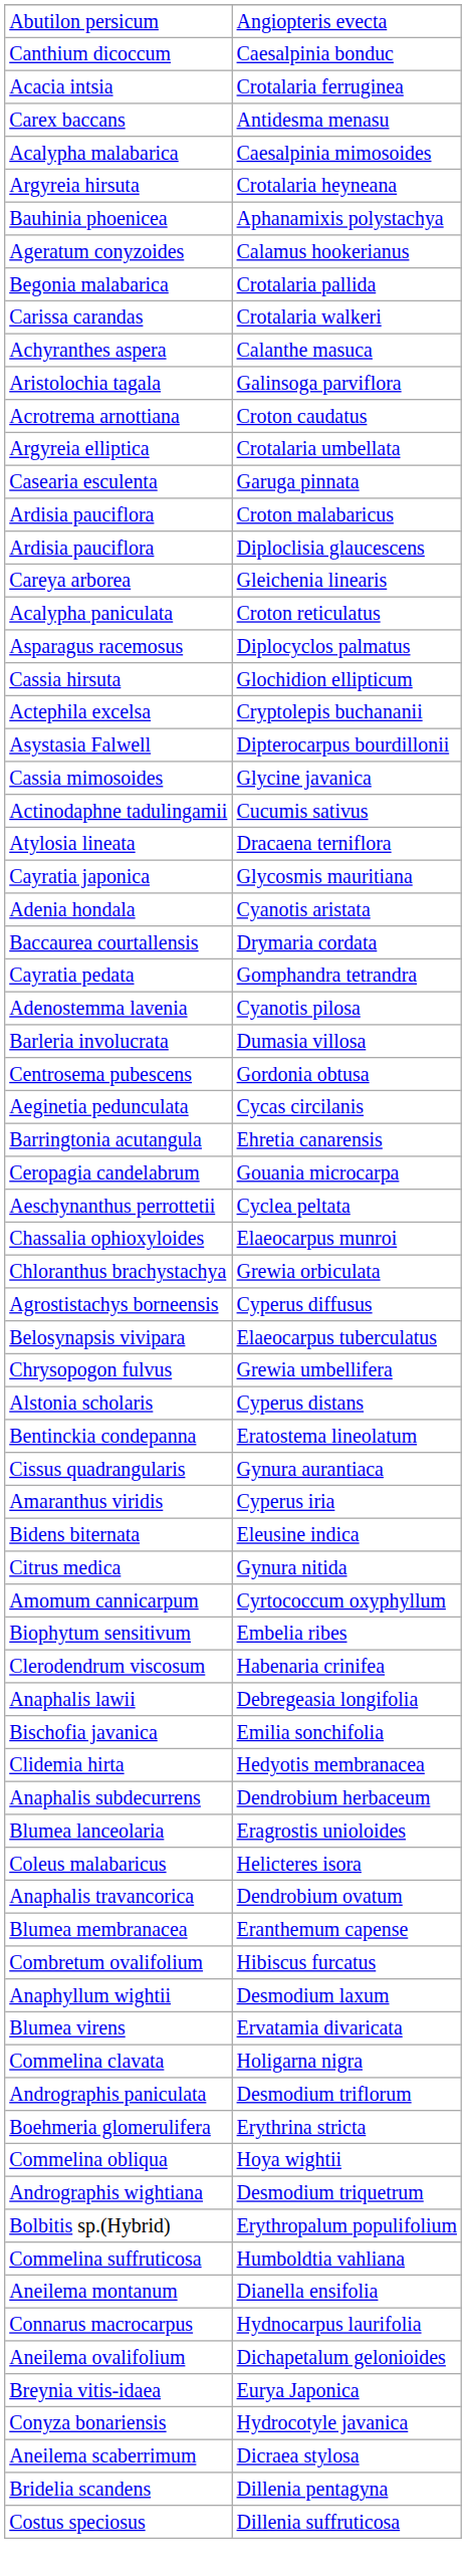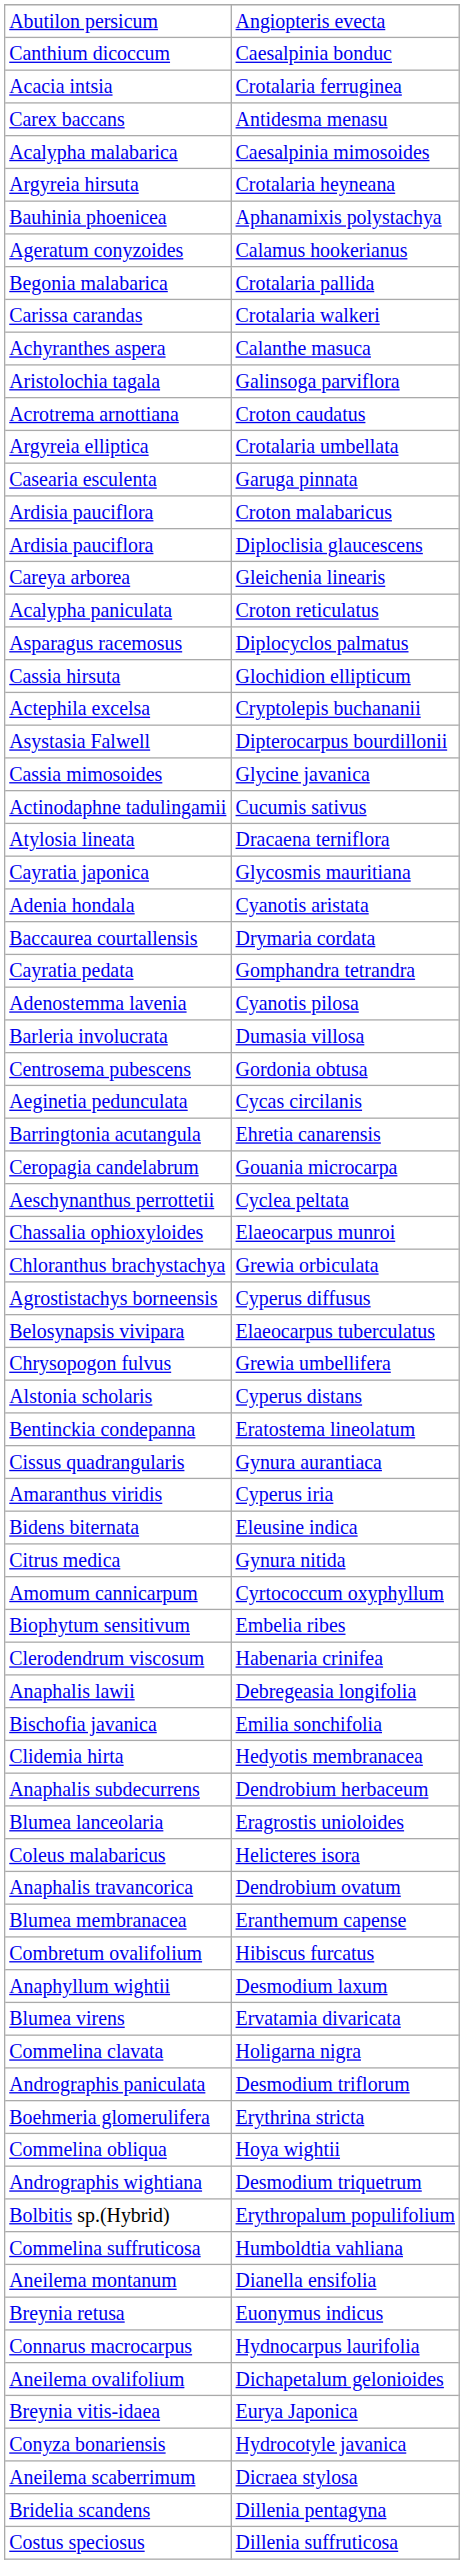 <table class="sortable" border="1" cellpadding="3" cellspacing="0" style="margin: 1em 1em 1em 0; background: #ffffff; border: 1px #aaa solid; border-collapse: collapse; font-size: 95%;">
 <tr bgcolor="#cdf2e0" style="colour:#f4fff9" align="centre">
 </tr>
 <tr>
 <td><a href='#'>Abutilon persicum</a></td>
 <td><a href='#'>Angiopteris evecta</a></td>
 </tr>
 <tr>
 <td><a href='#'>Canthium dicoccum</a></td>
 <td><a href='#'>Caesalpinia bonduc</a></td>
 </tr>
 <tr>
 <td><a href='#'>Acacia intsia</a></td>
 <td><a href='#'>Crotalaria ferruginea</a></td>
 </tr>
 <tr>
 <td><a href='#'>Carex baccans</a></td>
 <td><a href='#'>Antidesma menasu</a></td>
 </tr>
 <tr>
 <td><a href='#'>Acalypha malabarica</a></td>
 <td><a href='#'>Caesalpinia mimosoides</a></td>
 </tr>
 <tr>
 <td><a href='#'>Argyreia hirsuta</a></td>
 <td><a href='#'>Crotalaria heyneana</a></td>
 </tr>
 <tr>
 <td><a href='#'>Bauhinia phoenicea</a></td>
 <td><a href='#'>Aphanamixis polystachya</a></td>
 </tr>
 <tr>
 <td><a href='#'>Ageratum conyzoides</a></td>
 <td><a href='#'>Calamus hookerianus</a></td>
 </tr>
 <tr>
 <td><a href='#'>Begonia malabarica</a></td>
 <td><a href='#'>Crotalaria pallida</a></td>
 </tr>
 <tr>
 <td><a href='#'>Carissa carandas</a></td>
 <td><a href='#'>Crotalaria walkeri</a></td>
 </tr>
 <tr>
 <td><a href='#'>Achyranthes aspera</a></td>
 <td><a href='#'>Calanthe masuca</a></td>
 </tr>
 <tr>
 <td><a href='#'>Aristolochia tagala</a></td>
 <td><a href='#'>Galinsoga parviflora</a></td>
 </tr>
 <tr>
 <td><a href='#'>Acrotrema arnottiana</a></td>
 <td><a href='#'>Croton caudatus</a></td>
 </tr>
 <tr>
 <td><a href='#'>Argyreia elliptica</a></td>
 <td><a href='#'>Crotalaria umbellata</a></td>
 </tr>
 <tr>
 <td><a href='#'>Casearia esculenta</a></td>
 <td><a href='#'>Garuga pinnata</a></td>
 </tr>
 <tr>
 <td><a href='#'>Ardisia pauciflora</a></td>
 <td><a href='#'>Croton malabaricus</a></td>
 </tr>
 <tr>
 <td><a href='#'>Ardisia pauciflora</a></td>
 <td><a href='#'>Diploclisia glaucescens</a></td>
 </tr>
 <tr>
 <td><a href='#'>Careya arborea</a></td>
 <td><a href='#'>Gleichenia linearis</a></td>
 </tr>
 <tr>
 <td><a href='#'>Acalypha paniculata</a></td>
 <td><a href='#'>Croton reticulatus</a></td>
 </tr>
 <tr>
 <td><a href='#'>Asparagus racemosus</a></td>
 <td><a href='#'>Diplocyclos palmatus</a></td>
 </tr>
 <tr>
 <td><a href='#'>Cassia hirsuta</a></td>
 <td><a href='#'>Glochidion ellipticum</a></td>
 </tr>
 <tr>
 <td><a href='#'>Actephila excelsa</a></td>
 <td><a href='#'>Cryptolepis buchananii</a></td>
 </tr>
 <tr>
 <td><a href='#'>Asystasia Falwell</a></td>
 <td><a href='#'>Dipterocarpus bourdillonii</a></td>
 </tr>
 <tr>
 <td><a href='#'>Cassia mimosoides</a></td>
 <td><a href='#'>Glycine javanica</a></td>
 </tr>
 <tr>
 <td><a href='#'>Actinodaphne tadulingamii</a></td>
 <td><a href='#'>Cucumis sativus</a></td>
 </tr>
 <tr>
 <td><a href='#'>Atylosia lineata</a></td>
 <td><a href='#'>Dracaena terniflora</a></td>
 </tr>
 <tr>
 <td><a href='#'>Cayratia japonica</a></td>
 <td><a href='#'>Glycosmis mauritiana</a></td>
 </tr>
 <tr>
 <td><a href='#'>Adenia hondala</a></td>
 <td><a href='#'>Cyanotis aristata</a></td>
 </tr>
 <tr>
 <td><a href='#'>Baccaurea courtallensis</a></td>
 <td><a href='#'>Drymaria cordata</a></td>
 </tr>
 <tr>
 <td><a href='#'>Cayratia pedata</a></td>
 <td><a href='#'>Gomphandra tetrandra</a></td>
 </tr>
 <tr>
 <td><a href='#'>Adenostemma lavenia</a></td>
 <td><a href='#'>Cyanotis pilosa</a></td>
 </tr>
 <tr>
 <td><a href='#'>Barleria involucrata</a></td>
 <td><a href='#'>Dumasia villosa</a></td>
 </tr>
 <tr>
 <td><a href='#'>Centrosema pubescens</a></td>
 <td><a href='#'>Gordonia obtusa</a></td>
 </tr>
 <tr>
 <td><a href='#'>Aeginetia pedunculata</a></td>
 <td><a href='#'>Cycas circilanis</a></td>
 </tr>
 <tr>
 <td><a href='#'>Barringtonia acutangula</a></td>
 <td><a href='#'>Ehretia canarensis</a></td>
 </tr>
 <tr>
 <td><a href='#'>Ceropagia candelabrum</a></td>
 <td><a href='#'>Gouania microcarpa</a></td>
 </tr>
 <tr>
 <td><a href='#'>Aeschynanthus perrottetii</a></td>
 <td><a href='#'>Cyclea peltata</a></td>
 </tr>
 <tr>
 <td><a href='#'>Chassalia ophioxyloides</a></td>
 <td><a href='#'>Elaeocarpus munroi</a></td>
 </tr>
 <tr>
 <td><a href='#'>Chloranthus brachystachya</a></td>
 <td><a href='#'>Grewia orbiculata</a></td>
 </tr>
 <tr>
 <td><a href='#'>Agrostistachys borneensis</a></td>
 <td><a href='#'>Cyperus diffusus</a></td>
 </tr>
 <tr>
 <td><a href='#'>Belosynapsis vivipara</a></td>
 <td><a href='#'>Elaeocarpus tuberculatus</a></td>
 </tr>
 <tr>
 <td><a href='#'>Chrysopogon fulvus</a></td>
 <td><a href='#'>Grewia umbellifera</a></td>
 </tr>
 <tr>
 <td><a href='#'>Alstonia scholaris</a></td>
 <td><a href='#'>Cyperus distans</a></td>
 </tr>
 <tr>
 <td><a href='#'>Bentinckia condepanna</a></td>
 <td><a href='#'>Eratostema lineolatum</a></td>
 </tr>
 <tr>
 <td><a href='#'>Cissus quadrangularis</a></td>
 <td><a href='#'>Gynura aurantiaca</a></td>
 </tr>
 <tr>
 <td><a href='#'>Amaranthus viridis</a></td>
 <td><a href='#'>Cyperus iria</a></td>
 </tr>
 <tr>
 <td><a href='#'>Bidens biternata</a></td>
 <td><a href='#'>Eleusine indica</a></td>
 </tr>
 <tr>
 <td><a href='#'>Citrus medica</a></td>
 <td><a href='#'>Gynura nitida</a></td>
 </tr>
 <tr>
 <td><a href='#'>Amomum cannicarpum</a></td>
 <td><a href='#'>Cyrtococcum oxyphyllum</a></td>
 </tr>
 <tr>
 <td><a href='#'>Biophytum sensitivum</a></td>
 <td><a href='#'>Embelia ribes</a></td>
 </tr>
 <tr>
 <td><a href='#'>Clerodendrum viscosum</a></td>
 <td><a href='#'>Habenaria crinifea</a></td>
 </tr>
 <tr>
 <td><a href='#'>Anaphalis lawii</a></td>
 <td><a href='#'>Debregeasia longifolia</a></td>
 </tr>
 <tr>
 <td><a href='#'>Bischofia javanica</a></td>
 <td><a href='#'>Emilia sonchifolia</a></td>
 </tr>
 <tr>
 <td><a href='#'>Clidemia hirta</a></td>
 <td><a href='#'>Hedyotis membranacea</a></td>
 </tr>
 <tr>
 <td><a href='#'>Anaphalis subdecurrens</a></td>
 <td><a href='#'>Dendrobium herbaceum</a></td>
 </tr>
 <tr>
 <td><a href='#'>Blumea lanceolaria</a></td>
 <td><a href='#'>Eragrostis unioloides</a></td>
 </tr>
 <tr>
 <td><a href='#'>Coleus malabaricus</a></td>
 <td><a href='#'>Helicteres isora</a></td>
 </tr>
 <tr>
 <td><a href='#'>Anaphalis travancorica</a></td>
 <td><a href='#'>Dendrobium ovatum</a></td>
 </tr>
 <tr>
 <td><a href='#'>Blumea membranacea</a></td>
 <td><a href='#'>Eranthemum capense</a></td>
 </tr>
 <tr>
 <td><a href='#'>Combretum ovalifolium</a></td>
 <td><a href='#'>Hibiscus furcatus</a></td>
 </tr>
 <tr>
 <td><a href='#'>Anaphyllum wightii</a></td>
 <td><a href='#'>Desmodium laxum</a></td>
 </tr>
 <tr>
 <td><a href='#'>Blumea virens</a></td>
 <td><a href='#'>Ervatamia divaricata</a></td>
 </tr>
 <tr>
 <td><a href='#'>Commelina clavata</a></td>
 <td><a href='#'>Holigarna nigra</a></td>
 </tr>
 <tr>
 <td><a href='#'>Andrographis paniculata</a></td>
 <td><a href='#'>Desmodium triflorum</a></td>
 </tr>
 <tr>
 <td><a href='#'>Boehmeria glomerulifera</a></td>
 <td><a href='#'>Erythrina stricta</a></td>
 </tr>
 <tr>
 <td><a href='#'>Commelina obliqua</a></td>
 <td><a href='#'>Hoya wightii</a></td>
 </tr>
 <tr>
 <td><a href='#'>Andrographis wightiana</a></td>
 <td><a href='#'>Desmodium triquetrum</a></td>
 </tr>
 <tr>
 <td><a href='#'>Bolbitis</a> sp.(Hybrid)</td>
 <td><a href='#'>Erythropalum populifolium</a></td>
 </tr>
 <tr>
 <td><a href='#'>Commelina suffruticosa</a></td>
 <td><a href='#'>Humboldtia vahliana</a></td>
 </tr>
 <tr>
 <td><a href='#'>Aneilema montanum</a></td>
 <td><a href='#'>Dianella ensifolia</a></td>
 </tr>
 <tr>
+<td><a href='#'>Breynia retusa</a></td>
+<td><a href='#'>Euonymus indicus</a></td>
+</tr>
+<tr>
 <td><a href='#'>Connarus macrocarpus</a></td>
 <td><a href='#'>Hydnocarpus laurifolia</a></td>
 </tr>
 <tr>
 <td><a href='#'>Aneilema ovalifolium</a></td>
 <td><a href='#'>Dichapetalum gelonioides</a></td>
 </tr>
 <tr>
 <td><a href='#'>Breynia vitis-idaea</a></td>
 <td><a href='#'>Eurya Japonica</a></td>
 </tr>
 <tr>
 <td><a href='#'>Conyza bonariensis</a></td>
 <td><a href='#'>Hydrocotyle javanica</a></td>
 </tr>
 <tr>
 <td><a href='#'>Aneilema scaberrimum</a></td>
 <td><a href='#'>Dicraea stylosa</a></td>
 </tr>
 <tr>
 <td><a href='#'>Bridelia scandens</a></td>
 <td><a href='#'>Dillenia pentagyna</a></td>
 </tr>
 <tr>
 <td><a href='#'>Costus speciosus</a></td>
 <td><a href='#'>Dillenia suffruticosa</a></td>
 </tr>
 </table>
